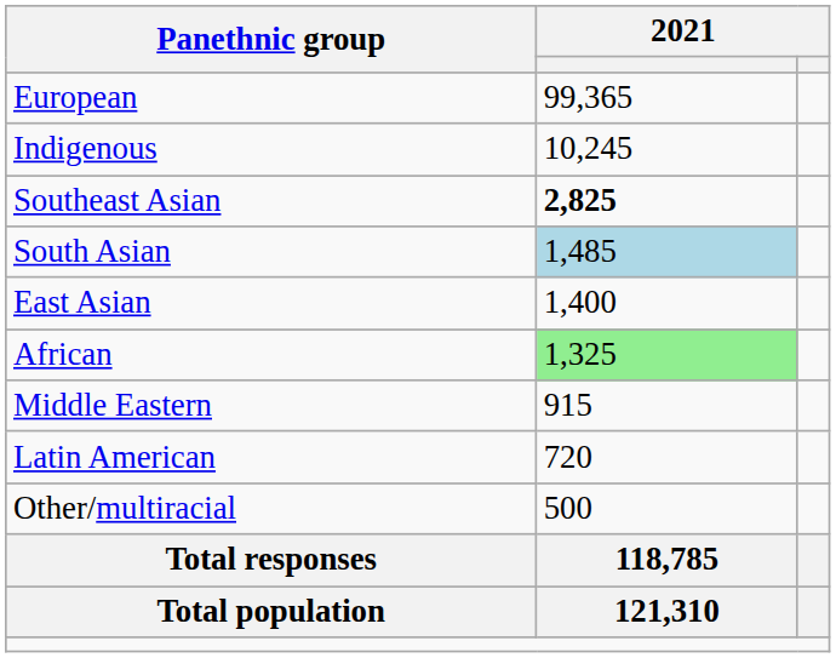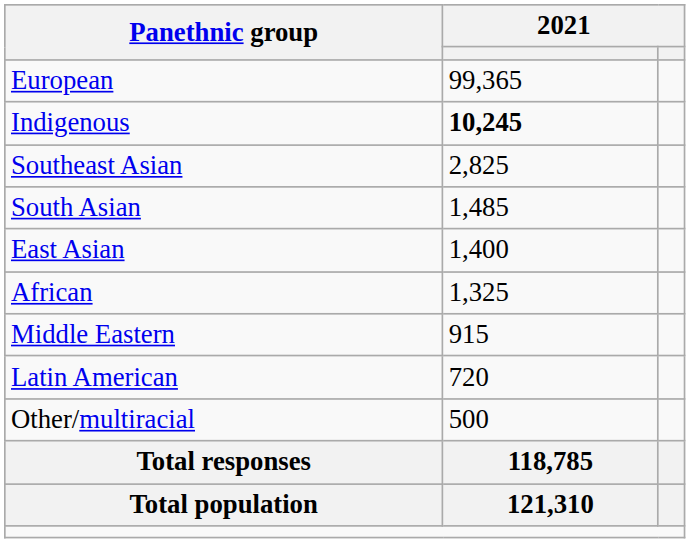 <table class="wikitable collapsible sortable">
 <tr>
 <th rowspan="2"><a href='#'>Panethnic</a> group</th>
 <th colspan="2">2021</th>
 </tr>
 <tr>
 <th><a href='#'></a></th>
 <th></th>
 </tr>
 <tr>
 <td><a href='#'>European</a></td>
 <td>99,365</td>
 <td></td>
 </tr>
 <tr>
 <td><a href='#'>Indigenous</a></td>
-<td>10,245</td>
+<td><strong>10,245</strong></td>
 <td></td>
 </tr>
 <tr>
 <td><a href='#'>Southeast Asian</a></td>
-<td><strong>2,825</strong></td>
+<td>2,825</td>
 <td></td>
 </tr>
 <tr>
 <td><a href='#'>South Asian</a></td>
-<td style="background: lightblue;">1,485</td>
+<td>1,485</td>
 <td></td>
 </tr>
 <tr>
 <td><a href='#'>East Asian</a></td>
 <td>1,400</td>
 <td></td>
 </tr>
 <tr>
 <td><a href='#'>African</a></td>
-<td style="background: lightgreen;">1,325</td>
+<td>1,325</td>
 <td></td>
 </tr>
 <tr>
 <td><a href='#'>Middle Eastern</a></td>
 <td>915</td>
 <td></td>
 </tr>
 <tr>
 <td><a href='#'>Latin American</a></td>
 <td>720</td>
 <td></td>
 </tr>
 <tr>
 <td>Other/<a href='#'>multiracial</a></td>
 <td>500</td>
 <td></td>
 </tr>
 <tr>
 <th>Total responses</th>
 <th>118,785</th>
 <th></th>
 </tr>
 <tr class="sortbottom">
 <th>Total population</th>
 <th>121,310</th>
 <th></th>
 </tr>
 <tr class="sortbottom">
 <td colspan="15" style="width: 25em;"></td>
 </tr>
 </table>
